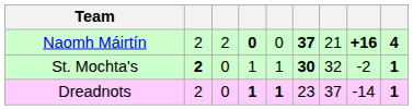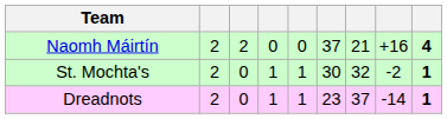 <table class="wikitable" style="text-align:center">
 <tr>
 <th style="width:175px;">Team</th>
 <th width="20"></th>
 <th width="20"></th>
 <th width="20"></th>
 <th width="20"></th>
 <th width="20"></th>
 <th width="20"></th>
 <th width="20"></th>
 <th width="20"></th>
 </tr>
 <tr style="background:#cfc;">
 <td><a href='#'>Naomh Máirtín</a></td>
 <td>2</td>
 <td>2</td>
-<td><strong>0</strong></td>
 <td>0</td>
-<td><strong>37</strong></td>
+<td>0</td>
+<td>37</td>
 <td>21</td>
-<td><strong>+16</strong></td>
+<td>+16</td>
 <td><strong>4</strong></td>
 </tr>
 <tr style="background:#cfc;">
 <td>St. Mochta's</td>
-<td><strong>2</strong></td>
+<td>2</td>
 <td>0</td>
 <td>1</td>
 <td>1</td>
-<td><strong>30</strong></td>
+<td>30</td>
 <td>32</td>
 <td>-2</td>
 <td><strong>1</strong></td>
 </tr>
 <tr style="background:#fcf;">
 <td>Dreadnots</td>
 <td>2</td>
 <td>0</td>
-<td><strong>1</strong></td>
-<td><strong>1</strong></td>
+<td>1</td>
+<td>1</td>
 <td>23</td>
 <td>37</td>
 <td>-14</td>
 <td><strong>1</strong></td>
 </tr>
 </table>
